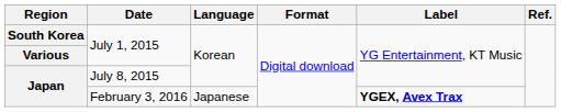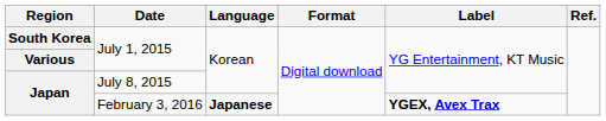 <table class="wikitable plainrowheaders">
 <tr>
 <th scope="col">Region</th>
 <th scope="col">Date</th>
 <th scope="col">Language</th>
 <th scope="col">Format</th>
 <th scope="col">Label</th>
 <th scope="col">Ref.</th>
 </tr>
 <tr>
 <th scope="row">South Korea</th>
 <td rowspan=2>July 1, 2015</td>
 <td rowspan=3>Korean</td>
 <td rowspan=4><a href='#'>Digital download</a></td>
 <td rowspan=3><a href='#'>YG Entertainment</a>, KT Music</td>
 <td rowspan=4></td>
 </tr>
 <tr>
 <th scope="row">Various</th>
 </tr>
 <tr>
 <th scope="row" rowspan=2>Japan</th>
 <td>July 8, 2015</td>
 </tr>
 <tr>
 <td>February 3, 2016</td>
-<td>Japanese</td>
+<td><strong>Japanese</strong></td>
 <td><strong>YGEX, <a href='#'>Avex Trax</a></strong></td>
 </tr>
 </table>
